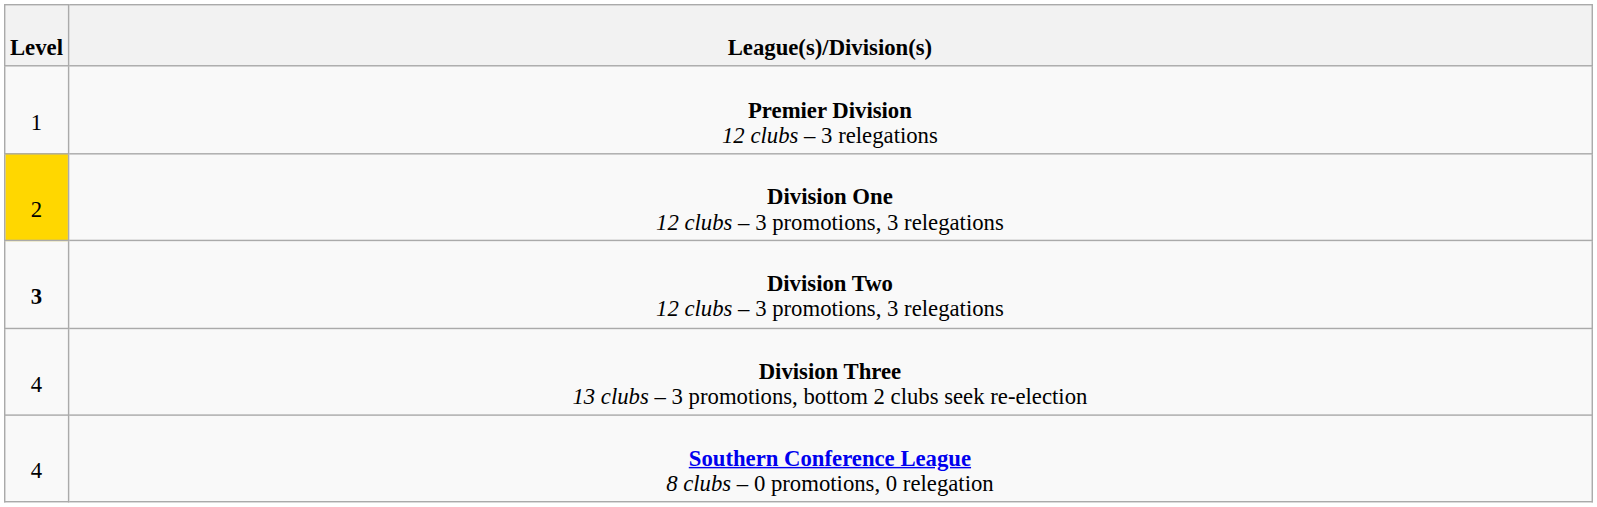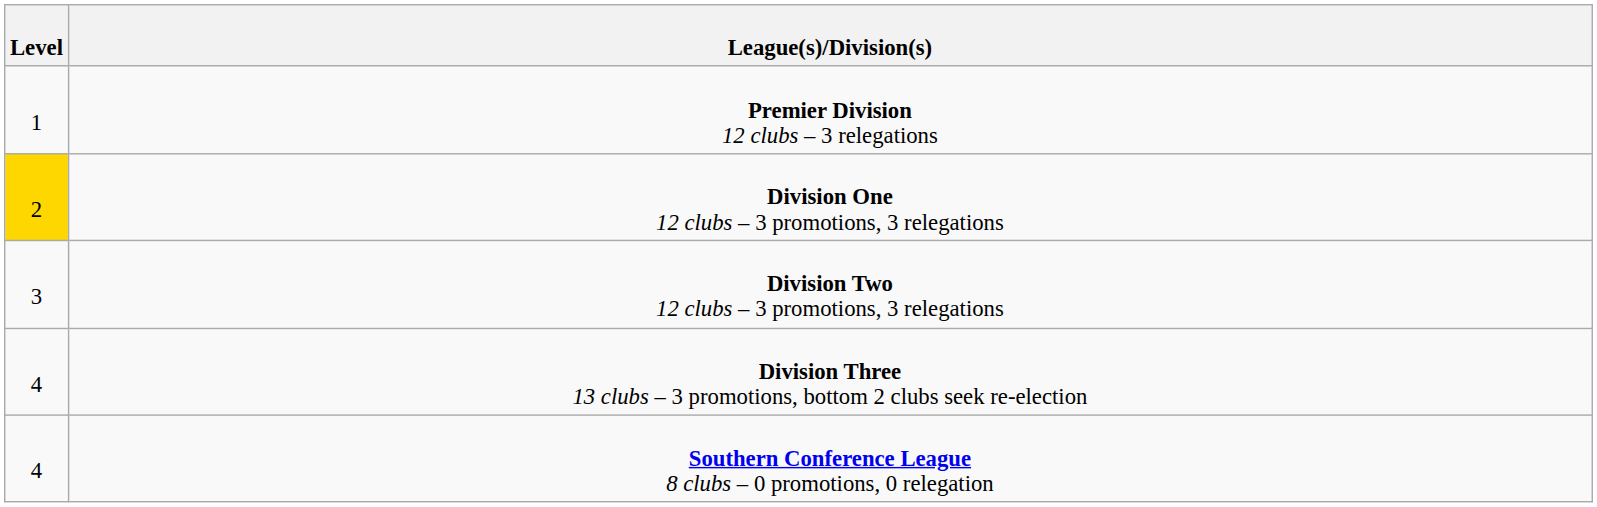 <table class="wikitable" style="text-align: center;">
 <tr>
 <th colspan="1" width="4%"><br>Level</th>
 <th colspan="6" width="96%"><br>League(s)/Division(s)</th>
 </tr>
 <tr>
 <td colspan="1" width="4%"><br>1</td>
 <td colspan="6" width="96%"><br><strong>Premier Division</strong><br> <em>12 clubs</em> – 3 relegations</td>
 </tr>
 <tr>
 <td colspan="1" width="4%" style="background: gold;"><br>2</td>
 <td colspan="6" width="96%"><br><strong>Division One</strong><br> <em>12 clubs</em> – 3 promotions, 3 relegations</td>
 </tr>
 <tr>
-<td colspan="1" width="4%"><strong><br>3</strong></td>
+<td colspan="1" width="4%"><br>3</td>
 <td colspan="6" width="96%"><br><strong>Division Two</strong><br> <em>12 clubs</em> – 3 promotions, 3 relegations</td>
 </tr>
 <tr>
 <td colspan="1" width="4%"><br>4</td>
 <td colspan="6" width="96%"><br><strong>Division Three</strong><br> <em>13 clubs</em> – 3 promotions, bottom 2 clubs seek re-election</td>
 </tr>
 <tr>
 <td colspan="1" width="4%"><br>4</td>
 <td colspan="6" width="96%"><br><strong><a href='#'>Southern Conference League</a></strong><br> <em>8 clubs</em> – 0 promotions, 0 relegation</td>
 </tr>
 </table>
